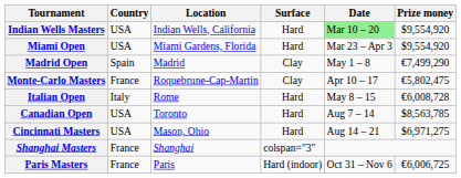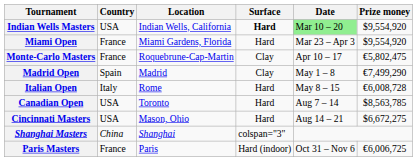 <table class="wikitable plainrowheaders nowrap">
 <tr>
 <th scope="col">Tournament</th>
 <th scope="col">Country</th>
 <th scope="col">Location</th>
 <th scope="col">Surface</th>
 <th scope="col">Date</th>
 <th scope="col">Prize money</th>
 </tr>
 <tr>
 <th scope="row"><a href='#'>Indian Wells Masters</a></th>
 <td>USA</td>
 <td><a href='#'>Indian Wells, California</a></td>
-<td align="center">Hard</td>
+<td align="center"><strong>Hard</strong></td>
 <td style="background: lightgreen;">Mar 10 – 20</td>
 <td align="center">$9,554,920</td>
 </tr>
 <tr>
 <th scope="row"><a href='#'>Miami Open</a></th>
-<td>USA</td>
+<td>France</td>
 <td><a href='#'>Miami Gardens, Florida</a></td>
 <td align="center">Hard</td>
 <td>Mar 23 – Apr 3</td>
 <td align="center">$9,554,920</td>
+</tr>
+<tr>
+<th scope="row"><a href='#'>Monte-Carlo Masters</a></th>
+<td>France</td>
+<td><a href='#'>Roquebrune-Cap-Martin</a></td>
+<td align="center">Clay</td>
+<td>Apr 10 – 17</td>
+<td align="center">€5,802,475</td>
 </tr>
 <tr>
 <th scope="row"><a href='#'>Madrid Open</a></th>
 <td>Spain</td>
 <td><a href='#'>Madrid</a></td>
 <td align="center">Clay</td>
 <td>May 1 – 8</td>
 <td align="center">€7,499,290</td>
-</tr>
-<tr>
-<th scope="row"><a href='#'>Monte-Carlo Masters</a></th>
-<td>France</td>
-<td><a href='#'>Roquebrune-Cap-Martin</a></td>
-<td align="center">Clay</td>
-<td>Apr 10 – 17</td>
-<td align="center">€5,802,475</td>
 </tr>
 <tr>
 <th scope="row"><a href='#'>Italian Open</a></th>
 <td>Italy</td>
 <td><a href='#'>Rome</a></td>
 <td align="center">Hard</td>
 <td>May 8 – 15</td>
 <td align="center">€6,008,728</td>
 </tr>
 <tr>
 <th scope="row"><a href='#'>Canadian Open</a></th>
 <td>USA</td>
 <td><a href='#'>Toronto</a></td>
 <td align="center">Hard</td>
 <td>Aug 7 – 14</td>
 <td align="center">$8,563,785</td>
 </tr>
 <tr>
 <th scope="row"><a href='#'>Cincinnati Masters</a></th>
 <td>USA</td>
 <td><a href='#'>Mason, Ohio</a></td>
 <td align="center">Hard</td>
 <td>Aug 14 – 21</td>
-<td align="center">$6,971,275</td>
+<td align="center">$6,672,275</td>
 </tr>
 <tr>
 <th scope="row"><a href='#'><em>Shanghai Masters</em></a></th>
-<td>France</td>
+<td><em>China</em></td>
 <td><em><a href='#'>Shanghai</a></em></td>
 <td>colspan="3" </td>
 </tr>
 <tr>
 <th scope="row"><a href='#'>Paris Masters</a></th>
 <td>France</td>
 <td><a href='#'>Paris</a></td>
 <td align="center">Hard (indoor)</td>
 <td>Oct 31 – Nov 6</td>
 <td align="center">€6,006,725</td>
 </tr>
 </table>
